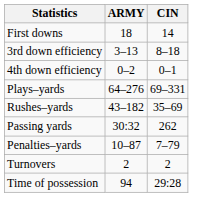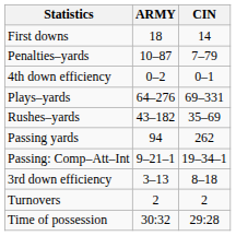 <table class="wikitable">
 <tr>
 <th>Statistics</th>
 <th>ARMY</th>
 <th>CIN</th>
 </tr>
 <tr>
 <td>First downs</td>
 <td align=center>18</td>
 <td align=center>14</td>
 </tr>
 <tr>
-<td>3rd down efficiency</td>
-<td align=center>3–13</td>
-<td align=center>8–18</td>
+<td>Penalties–yards</td>
+<td align=center>10–87</td>
+<td align=center>7–79</td>
 </tr>
 <tr>
 <td>4th down efficiency</td>
 <td align=center>0–2</td>
 <td align=center>0–1</td>
 </tr>
 <tr>
 <td>Plays–yards</td>
 <td align=center>64–276</td>
 <td align=center>69–331</td>
 </tr>
 <tr>
 <td>Rushes–yards</td>
 <td align=center>43–182</td>
 <td align=center>35–69</td>
 </tr>
 <tr>
 <td>Passing yards</td>
-<td align=center>30:32</td>
+<td align=center>94</td>
 <td align=center>262</td>
 </tr>
 <tr>
-<td>Penalties–yards</td>
-<td align=center>10–87</td>
-<td align=center>7–79</td>
+<td>Passing: Comp–Att–Int</td>
+<td align=center>9–21–1</td>
+<td align=center>19–34–1</td>
+</tr>
+<tr>
+<td>3rd down efficiency</td>
+<td align=center>3–13</td>
+<td align=center>8–18</td>
 </tr>
 <tr>
 <td>Turnovers</td>
 <td align=center>2</td>
 <td align=center>2</td>
 </tr>
 <tr>
 <td>Time of possession</td>
-<td align=center>94</td>
+<td align=center>30:32</td>
 <td align=center>29:28</td>
 </tr>
 </table>
